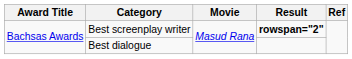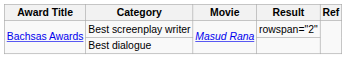 <table class="wikitable">
 <tr>
 <th>Award Title</th>
 <th>Category</th>
 <th>Movie</th>
 <th>Result</th>
 <th>Ref</th>
 </tr>
 <tr>
 <td rowspan="2"><a href='#'>Bachsas Awards</a></td>
 <td>Best screenplay writer</td>
 <td rowspan="2"><a href='#'><em>Masud Rana</em></a></td>
-<td><strong>rowspan="2" </strong></td>
+<td>rowspan="2" </td>
 <td rowspan="2"></td>
 </tr>
 <tr>
 <td>Best dialogue</td>
 </tr>
 </table>
